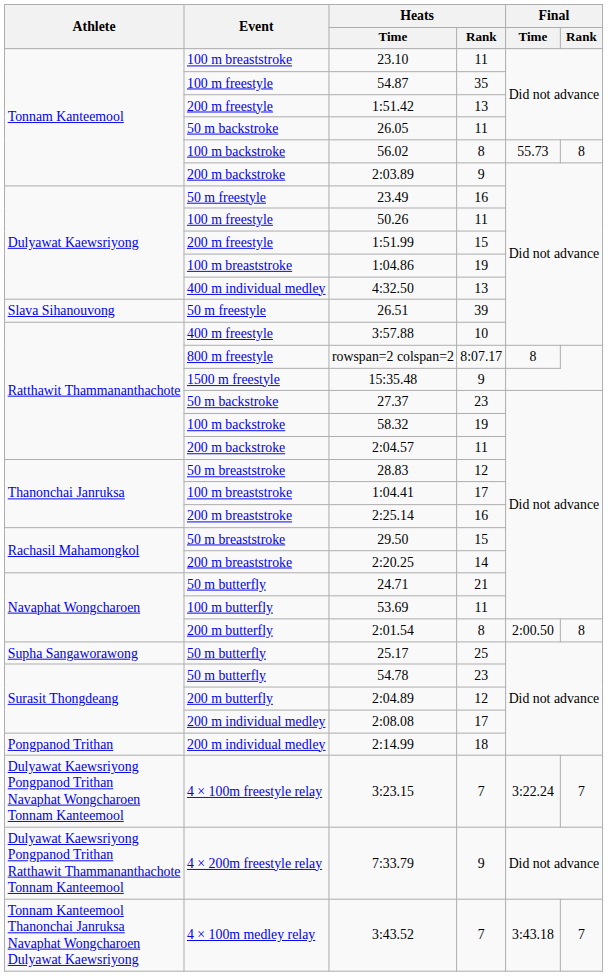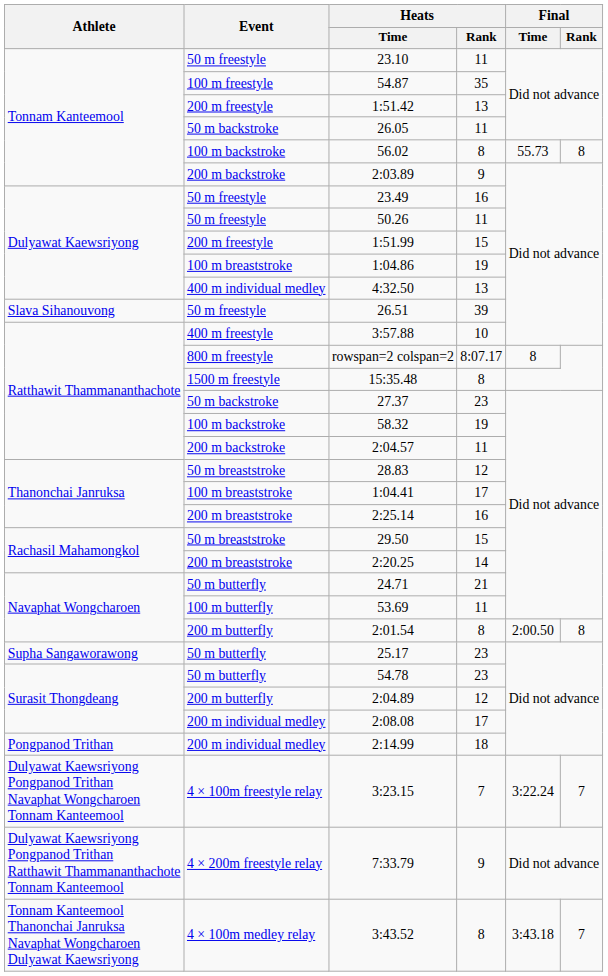 <table class="wikitable" style="font-size:90%;text-align:center">
 <tr>
 <th rowspan="2">Athlete</th>
 <th rowspan="2">Event</th>
 <th colspan="2">Heats</th>
 <th colspan="2">Final</th>
 </tr>
 <tr style="font-size:95%">
 <th>Time</th>
 <th>Rank</th>
 <th>Time</th>
 <th>Rank</th>
 </tr>
 <tr>
 <td align="left" rowspan=6><a href='#'>Tonnam Kanteemool</a></td>
-<td align="left"><a href='#'>100 m breaststroke</a></td>
+<td align="left"><a href='#'>50 m freestyle</a></td>
 <td>23.10</td>
 <td>11</td>
 <td rowspan=4 colspan=2>Did not advance</td>
 </tr>
 <tr>
 <td align="left"><a href='#'>100 m freestyle</a></td>
 <td>54.87</td>
 <td>35</td>
 </tr>
 <tr>
 <td align="left"><a href='#'>200 m freestyle</a></td>
 <td>1:51.42</td>
 <td>13</td>
 </tr>
 <tr>
 <td align="left"><a href='#'>50 m backstroke</a></td>
 <td>26.05</td>
 <td>11</td>
 </tr>
 <tr>
 <td align="left"><a href='#'>100 m backstroke</a></td>
 <td>56.02</td>
 <td>8 <strong></strong></td>
 <td>55.73</td>
 <td>8</td>
 </tr>
 <tr>
 <td align="left"><a href='#'>200 m backstroke</a></td>
 <td>2:03.89</td>
 <td>9</td>
 <td rowspan=8 colspan=2>Did not advance</td>
 </tr>
 <tr>
 <td align="left" rowspan=5><a href='#'>Dulyawat Kaewsriyong</a></td>
 <td align="left"><a href='#'>50 m freestyle</a></td>
 <td>23.49</td>
 <td>16</td>
 </tr>
 <tr>
-<td align="left"><a href='#'>100 m freestyle</a></td>
+<td align="left"><a href='#'>50 m freestyle</a></td>
 <td>50.26</td>
 <td>11</td>
 </tr>
 <tr>
 <td align="left"><a href='#'>200 m freestyle</a></td>
 <td>1:51.99</td>
 <td>15</td>
 </tr>
 <tr>
 <td align="left"><a href='#'>100 m breaststroke</a></td>
 <td>1:04.86</td>
 <td>19</td>
 </tr>
 <tr>
 <td align="left"><a href='#'>400 m individual medley</a></td>
 <td>4:32.50</td>
 <td>13</td>
 </tr>
 <tr>
 <td align="left"><a href='#'>Slava Sihanouvong</a></td>
 <td align="left"><a href='#'>50 m freestyle</a></td>
 <td>26.51</td>
 <td>39</td>
 </tr>
 <tr>
 <td align="left" rowspan=6><a href='#'>Ratthawit Thammananthachote</a></td>
 <td align="left"><a href='#'>400 m freestyle</a></td>
 <td>3:57.88</td>
 <td>10</td>
 </tr>
 <tr>
 <td align="left"><a href='#'>800 m freestyle</a></td>
 <td>rowspan=2 colspan=2 </td>
 <td>8:07.17</td>
 <td>8</td>
 </tr>
 <tr>
 <td align="left"><a href='#'>1500 m freestyle</a></td>
 <td>15:35.48</td>
-<td>9</td>
+<td>8</td>
 </tr>
 <tr>
 <td align="left"><a href='#'>50 m backstroke</a></td>
 <td>27.37</td>
 <td>23</td>
 <td rowspan=10 colspan=2>Did not advance</td>
 </tr>
 <tr>
 <td align="left"><a href='#'>100 m backstroke</a></td>
 <td>58.32</td>
 <td>19</td>
 </tr>
 <tr>
 <td align="left"><a href='#'>200 m backstroke</a></td>
 <td>2:04.57</td>
 <td>11</td>
 </tr>
 <tr>
 <td align="left" rowspan=3><a href='#'>Thanonchai Janruksa</a></td>
 <td align="left"><a href='#'>50 m breaststroke</a></td>
 <td>28.83</td>
 <td>12</td>
 </tr>
 <tr>
 <td align="left"><a href='#'>100 m breaststroke</a></td>
 <td>1:04.41</td>
 <td>17</td>
 </tr>
 <tr>
 <td align="left"><a href='#'>200 m breaststroke</a></td>
 <td>2:25.14</td>
 <td>16</td>
 </tr>
 <tr>
 <td align="left" rowspan=2><a href='#'>Rachasil Mahamongkol</a></td>
 <td align="left"><a href='#'>50 m breaststroke</a></td>
 <td>29.50</td>
 <td>15</td>
 </tr>
 <tr>
 <td align="left"><a href='#'>200 m breaststroke</a></td>
 <td>2:20.25</td>
 <td>14</td>
 </tr>
 <tr>
 <td align="left" rowspan=3><a href='#'>Navaphat Wongcharoen</a></td>
 <td align="left"><a href='#'>50 m butterfly</a></td>
 <td>24.71</td>
 <td>21</td>
 </tr>
 <tr>
 <td align="left"><a href='#'>100 m butterfly</a></td>
 <td>53.69</td>
 <td>11</td>
 </tr>
 <tr>
 <td align="left"><a href='#'>200 m butterfly</a></td>
 <td>2:01.54</td>
 <td>8 <strong></strong></td>
 <td>2:00.50</td>
 <td>8</td>
 </tr>
 <tr>
 <td align="left"><a href='#'>Supha Sangaworawong</a></td>
 <td align="left"><a href='#'>50 m butterfly</a></td>
 <td>25.17</td>
-<td>25</td>
+<td>23</td>
 <td rowspan=5 colspan=2>Did not advance</td>
 </tr>
 <tr>
 <td align="left" rowspan=3><a href='#'>Surasit Thongdeang</a></td>
 <td align="left"><a href='#'>50 m butterfly</a></td>
 <td>54.78</td>
 <td>23</td>
 </tr>
 <tr>
 <td align="left"><a href='#'>200 m butterfly</a></td>
 <td>2:04.89</td>
 <td>12</td>
 </tr>
 <tr>
 <td align="left"><a href='#'>200 m individual medley</a></td>
 <td>2:08.08</td>
 <td>17</td>
 </tr>
 <tr>
 <td align="left"><a href='#'>Pongpanod Trithan</a></td>
 <td align="left"><a href='#'>200 m individual medley</a></td>
 <td>2:14.99</td>
 <td>18</td>
 </tr>
 <tr>
 <td align="left"><a href='#'>Dulyawat Kaewsriyong</a><br><a href='#'>Pongpanod Trithan</a><br><a href='#'>Navaphat Wongcharoen</a><br><a href='#'>Tonnam Kanteemool</a></td>
 <td align="left"><a href='#'>4 × 100m freestyle relay</a></td>
 <td>3:23.15</td>
 <td>7 <strong></strong></td>
 <td>3:22.24</td>
 <td>7</td>
 </tr>
 <tr>
 <td align="left"><a href='#'>Dulyawat Kaewsriyong</a><br><a href='#'>Pongpanod Trithan</a><br><a href='#'>Ratthawit Thammananthachote</a><br><a href='#'>Tonnam Kanteemool</a></td>
 <td align="left"><a href='#'>4 × 200m freestyle relay</a></td>
 <td>7:33.79</td>
 <td>9</td>
 <td colspan=2>Did not advance</td>
 </tr>
 <tr>
 <td align="left"><a href='#'>Tonnam Kanteemool</a><br><a href='#'>Thanonchai Janruksa</a><br><a href='#'>Navaphat Wongcharoen</a><br><a href='#'>Dulyawat Kaewsriyong</a></td>
 <td align="left"><a href='#'>4 × 100m medley relay</a></td>
 <td>3:43.52</td>
-<td>7 <strong></strong></td>
+<td>8 <strong></strong></td>
 <td>3:43.18</td>
 <td>7</td>
 </tr>
 </table>
